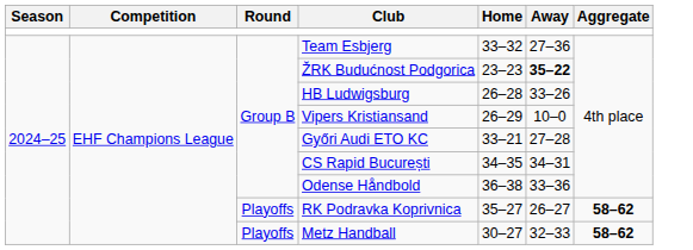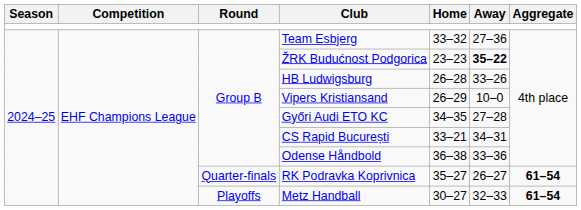 <table class="wikitable">
 <tr>
 <th>Season</th>
 <th>Competition</th>
 <th>Round</th>
 <th>Club</th>
 <th>Home</th>
 <th>Away</th>
 <th>Aggregate</th>
 </tr>
 <tr>
 <td colspan=7 style="text-align: center;" bgcolor=white></td>
 </tr>
 <tr>
 <td rowspan=9><a href='#'>2024–25</a></td>
 <td rowspan=9><a href='#'>EHF Champions League</a></td>
 <td rowspan=7 style="text-align:center;"><a href='#'>Group B</a></td>
 <td> <a href='#'>Team Esbjerg</a></td>
 <td style="text-align:center;">33–32</td>
 <td style="text-align:center;">27–36</td>
 <td align=center rowspan=7>4th place</td>
 </tr>
 <tr>
 <td> <a href='#'>ŽRK Budućnost Podgorica</a></td>
 <td style="text-align:center;">23–23</td>
 <td style="text-align:center;"><strong>35–22</strong></td>
 </tr>
 <tr>
 <td> <a href='#'>HB Ludwigsburg</a></td>
 <td style="text-align:center;">26–28</td>
 <td style="text-align:center;">33–26</td>
 </tr>
 <tr>
 <td> <a href='#'>Vipers Kristiansand</a></td>
 <td style="text-align:center;">26–29</td>
 <td style="text-align:center;">10–0</td>
 </tr>
 <tr>
 <td> <a href='#'>Győri Audi ETO KC</a></td>
-<td style="text-align:center;">33–21</td>
+<td style="text-align:center;">34–35</td>
 <td style="text-align:center;">27–28</td>
 </tr>
 <tr>
 <td> <a href='#'>CS Rapid București</a></td>
-<td style="text-align:center;">34–35</td>
+<td style="text-align:center;">33–21</td>
 <td style="text-align:center;">34–31</td>
 </tr>
 <tr>
 <td> <a href='#'>Odense Håndbold</a></td>
 <td style="text-align:center;">36–38</td>
 <td style="text-align:center;">33–36</td>
 </tr>
 <tr>
-<td style="text-align:center;"><a href='#'>Playoffs</a></td>
+<td style="text-align:center;"><a href='#'>Quarter-finals</a></td>
 <td> <a href='#'>RK Podravka Koprivnica</a></td>
 <td style="text-align:center;">35–27</td>
 <td style="text-align:center;">26–27</td>
-<td style="text-align:center;"><strong>58–62</strong></td>
+<td style="text-align:center;"><strong>61–54</strong></td>
 </tr>
 <tr>
 <td style="text-align:center;"><a href='#'>Playoffs</a></td>
 <td> <a href='#'>Metz Handball</a></td>
 <td style="text-align:center;">30–27</td>
 <td style="text-align:center;">32–33</td>
-<td style="text-align:center;"><strong>58–62</strong></td>
+<td style="text-align:center;"><strong>61–54</strong></td>
 </tr>
 </table>
